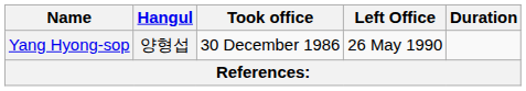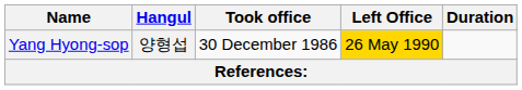 <table class="wikitable sortable">
 <tr>
 <th>Name</th>
 <th class="unsortable"><a href='#'>Hangul</a></th>
 <th>Took office</th>
 <th>Left Office</th>
 <th>Duration</th>
 </tr>
 <tr>
 <th align="center" scope="row" style="font-weight:normal;"><a href='#'>Yang Hyong-sop</a></th>
 <th align="center" scope="row" style="font-weight:normal;">양형섭</th>
 <td align="center">30 December 1986</td>
-<td align="center">26 May 1990</td>
+<td align="center" style="background: gold;">26 May 1990</td>
 <td align="center"></td>
 </tr>
 <tr>
 <th colspan="5" unsortable><strong>References:</strong><br></th>
 </tr>
 </table>
